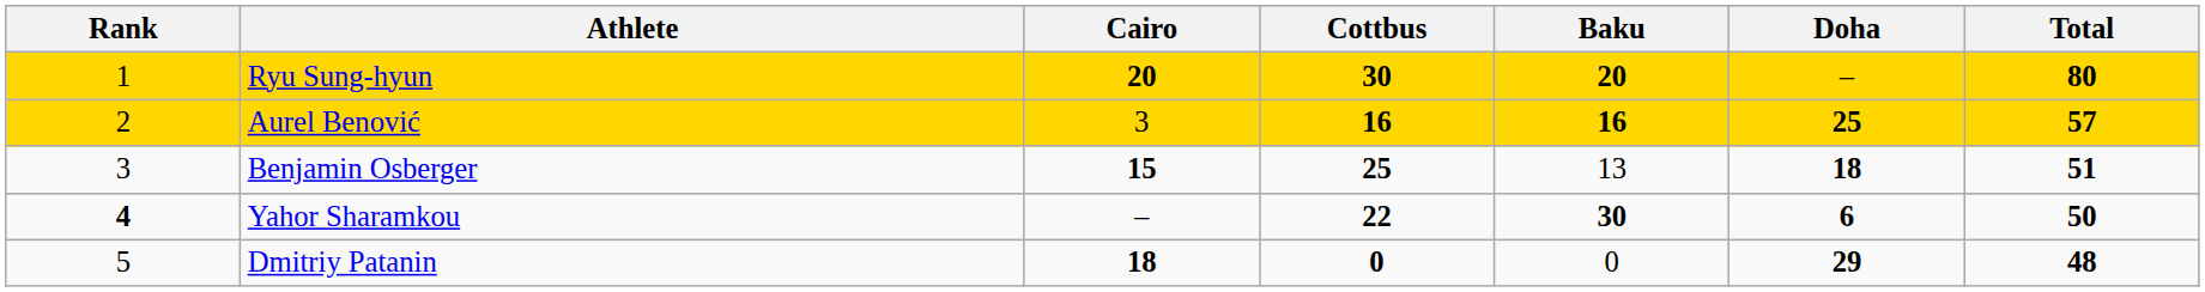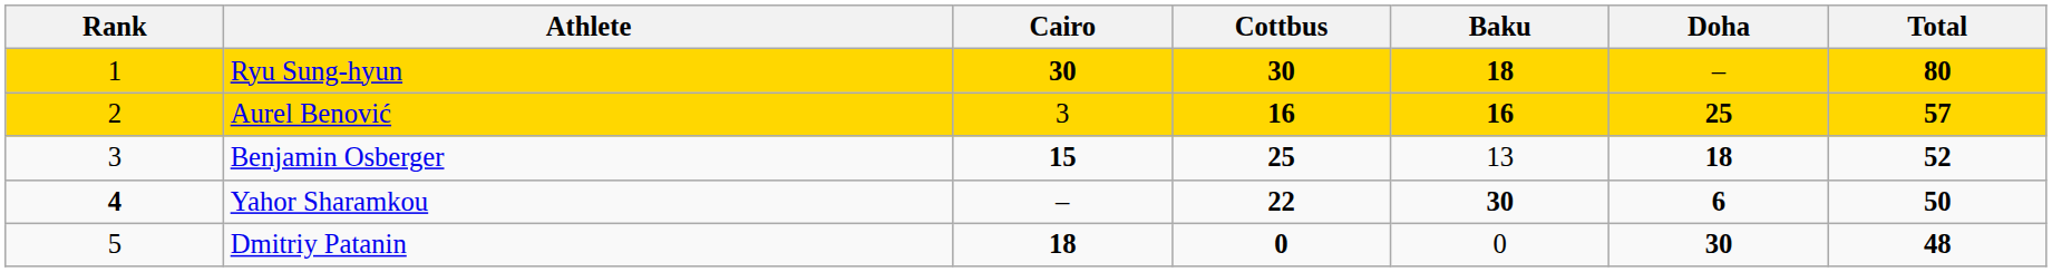 <table style="width:60%;" class="wikitable">
 <tr>
 <th style="text-align:center; width:6%;">Rank</th>
 <th style="text-align:center; width:20%;">Athlete</th>
 <th style="text-align:center; width:6%;"> Cairo</th>
 <th style="text-align:center; width:6%;"> Cottbus</th>
 <th style="text-align:center; width:6%;"> Baku</th>
 <th style="text-align:center; width:6%;"> Doha</th>
 <th style="text-align:center; width:6%;">Total</th>
 </tr>
 <tr scope=row style="text-align:center" bgcolor=gold>
 <td>1</td>
 <td align=left> <a href='#'>Ryu Sung-hyun</a></td>
-<td><strong>20</strong></td>
 <td><strong>30</strong></td>
-<td><strong>20</strong></td>
+<td><strong>30</strong></td>
+<td><strong>18</strong></td>
 <td>–</td>
 <td><strong>80</strong></td>
 </tr>
 <tr scope=row style="text-align:center" bgcolor=gold>
 <td>2</td>
 <td align=left> <a href='#'>Aurel Benović</a></td>
 <td>3</td>
 <td><strong>16</strong></td>
 <td><strong>16</strong></td>
 <td><strong>25</strong></td>
 <td><strong>57</strong></td>
 </tr>
 <tr scope=row style="text-align:center">
 <td>3</td>
 <td align=left> <a href='#'>Benjamin Osberger</a></td>
 <td><strong>15</strong></td>
 <td><strong>25</strong></td>
 <td>13</td>
 <td><strong>18</strong></td>
-<td><strong>51</strong></td>
+<td><strong>52</strong></td>
 </tr>
 <tr scope=row style="text-align:center">
 <td><strong>4</strong></td>
 <td align=left> <a href='#'>Yahor Sharamkou</a></td>
 <td>–</td>
 <td><strong>22</strong></td>
 <td><strong>30</strong></td>
 <td><strong>6</strong></td>
 <td><strong>50</strong></td>
 </tr>
 <tr scope=row style="text-align:center">
 <td>5</td>
 <td align=left> <a href='#'>Dmitriy Patanin</a></td>
 <td><strong>18</strong></td>
 <td><strong>0</strong></td>
 <td>0</td>
-<td><strong>29</strong></td>
+<td><strong>30</strong></td>
 <td><strong>48</strong></td>
 </tr>
 </table>
